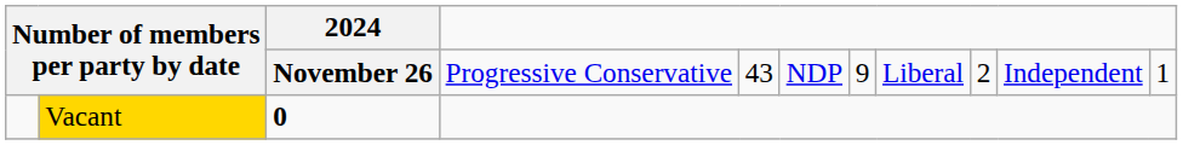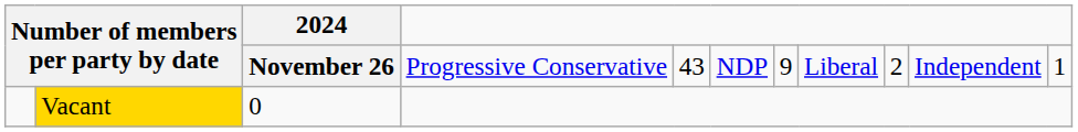 <table class="wikitable">
 <tr>
 <th colspan="2" rowspan="2">Number of members<br>per party by date</th>
 <th>2024</th>
 </tr>
 <tr>
 <th>November 26<br></th>
 <td><a href='#'>Progressive Conservative</a></td>
 <td>43<br></td>
 <td><a href='#'>NDP</a></td>
 <td>9<br></td>
 <td><a href='#'>Liberal</a></td>
 <td>2<br></td>
 <td><a href='#'>Independent</a></td>
 <td>1</td>
 </tr>
 <tr>
 <td></td>
 <td style="background: gold;">Vacant</td>
-<td><strong>0</strong></td>
+<td>0</td>
 </tr>
 </table>
